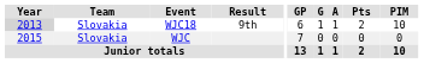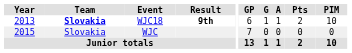 <table border="0" cellpadding="1" cellspacing="0" ID="Table3" style="text-align:center; width:40em">
 <tr ALIGN="center" bgcolor="#e0e0e0">
 <th>Year</th>
 <th>Team</th>
 <th>Event</th>
 <th>Result</th>
 <th rowspan="99" bgcolor="#ffffff"></th>
 <th>GP</th>
 <th>G</th>
 <th>A</th>
 <th>Pts</th>
 <th>PIM</th>
 </tr>
 <tr>
-<td style="background: lightgrey;"><a href='#'>2013</a></td>
-<td><a href='#'>Slovakia</a></td>
+<td><a href='#'>2013</a></td>
+<td><strong><a href='#'>Slovakia</a></strong></td>
 <td><a href='#'>WJC18</a></td>
-<td>9th</td>
+<td><strong>9th</strong></td>
 <td>6</td>
 <td>1</td>
 <td>1</td>
 <td>2</td>
 <td>10</td>
 </tr>
 <tr bgcolor="#f0f0f0">
 <td><a href='#'>2015</a></td>
 <td><a href='#'>Slovakia</a></td>
 <td><a href='#'>WJC</a></td>
 <td></td>
 <td>7</td>
 <td>0</td>
 <td>0</td>
 <td>0</td>
 <td>0</td>
 </tr>
 <tr bgcolor="#e0e0e0">
 <th colspan="4">Junior totals</th>
 <th>13</th>
 <th>1</th>
 <th>1</th>
 <th>2</th>
 <th>10</th>
 </tr>
 </table>
